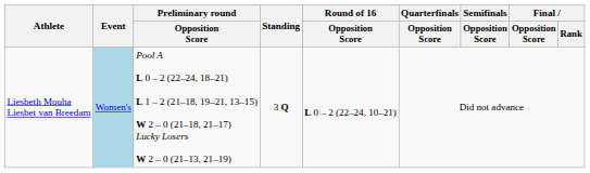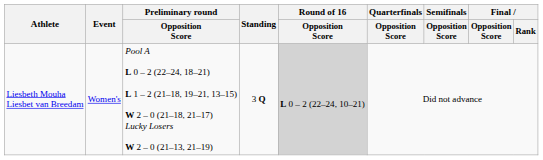 <table class=wikitable style="font-size:90%">
 <tr>
 <th rowspan="2">Athlete</th>
 <th rowspan="2">Event</th>
 <th>Preliminary round</th>
 <th rowspan=2>Standing</th>
 <th>Round of 16</th>
 <th>Quarterfinals</th>
 <th>Semifinals</th>
 <th colspan=2>Final / </th>
 </tr>
 <tr style="font-size:95%">
 <th>Opposition <br>Score</th>
 <th>Opposition <br>Score</th>
 <th>Opposition <br>Score</th>
 <th>Opposition <br>Score</th>
 <th>Opposition <br>Score</th>
 <th>Rank</th>
 </tr>
 <tr align=center>
 <td align=left><a href='#'>Liesbeth Mouha</a> <br> <a href='#'>Liesbet van Breedam</a></td>
-<td align=left style="background: lightblue;"><a href='#'>Women's</a></td>
+<td align=left><a href='#'>Women's</a></td>
 <td align=left><em>Pool A</em><br> <br> <strong>L</strong> 0 – 2 (22–24, 18–21) <br>  <br> <strong>L</strong> 1 – 2 (21–18, 19–21, 13–15) <br>  <br> <strong>W</strong> 2 – 0 (21–18, 21–17)<br><em>Lucky Losers</em><br> <br> <strong>W</strong> 2 – 0 (21–13, 21–19)</td>
 <td>3 <strong>Q</strong></td>
-<td><br><strong>L</strong> 0 – 2 (22–24, 10–21)</td>
+<td style="background: lightgrey;"><br><strong>L</strong> 0 – 2 (22–24, 10–21)</td>
 <td colspan=4>Did not advance</td>
 </tr>
 </table>
